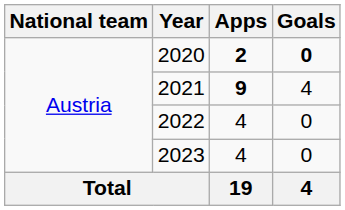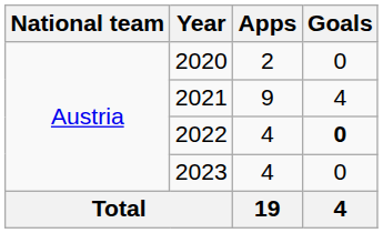 <table class=wikitable style=text-align:center>
 <tr>
 <th>National team</th>
 <th>Year</th>
 <th>Apps</th>
 <th>Goals</th>
 </tr>
 <tr>
 <td rowspan="4"><a href='#'>Austria</a></td>
 <td>2020</td>
-<td><strong>2</strong></td>
-<td><strong>0</strong></td>
+<td>2</td>
+<td>0</td>
 </tr>
 <tr>
 <td>2021</td>
-<td><strong>9</strong></td>
+<td>9</td>
 <td>4</td>
 </tr>
 <tr>
 <td>2022</td>
 <td>4</td>
-<td>0</td>
+<td><strong>0</strong></td>
 </tr>
 <tr>
 <td>2023</td>
 <td>4</td>
 <td>0</td>
 </tr>
 <tr>
 <th colspan="2">Total</th>
 <th>19</th>
 <th>4</th>
 </tr>
 </table>
